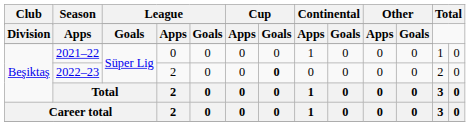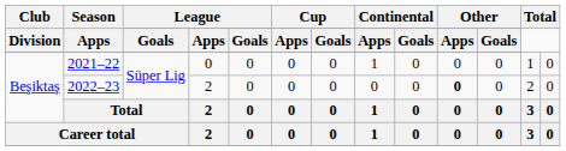 <table class="wikitable" style="text-align:center">
 <tr>
 <th rowspan="2">Club</th>
 <th rowspan="2">Season</th>
 <th colspan="3">League</th>
 <th colspan="2">Cup</th>
 <th colspan="2">Continental</th>
 <th colspan="2">Other</th>
 <th colspan="2">Total</th>
 </tr>
 <tr>
 </tr>
 <tr>
 <th>Division</th>
 <th>Apps</th>
 <th>Goals</th>
 <th>Apps</th>
 <th>Goals</th>
 <th>Apps</th>
 <th>Goals</th>
 <th>Apps</th>
 <th>Goals</th>
 <th>Apps</th>
 <th>Goals</th>
 </tr>
 <tr>
 </tr>
 <tr>
 <td rowspan="3"><a href='#'>Beşiktaş</a></td>
 <td><a href='#'>2021–22</a></td>
 <td rowspan="2"><a href='#'>Süper Lig</a></td>
 <td>0</td>
 <td>0</td>
 <td>0</td>
 <td>0</td>
 <td>1</td>
 <td>0</td>
 <td>0</td>
 <td>0</td>
 <td>1</td>
 <td>0</td>
 </tr>
 <tr>
 <td><a href='#'>2022–23</a></td>
 <td>2</td>
 <td>0</td>
 <td>0</td>
-<td><strong>0</strong></td>
 <td>0</td>
 <td>0</td>
 <td>0</td>
+<td><strong>0</strong></td>
 <td>0</td>
 <td>2</td>
 <td>0</td>
 </tr>
 <tr>
 <th colspan=2>Total</th>
 <th>2</th>
 <th>0</th>
 <th>0</th>
 <th>0</th>
 <th>1</th>
 <th>0</th>
 <th>0</th>
 <th>0</th>
 <th>3</th>
 <th>0</th>
 </tr>
 <tr>
 <th colspan=3>Career total</th>
 <th>2</th>
 <th>0</th>
 <th>0</th>
 <th>0</th>
 <th>1</th>
 <th>0</th>
 <th>0</th>
 <th>0</th>
 <th>3</th>
 <th>0</th>
 </tr>
 <tr>
 </tr>
 </table>
